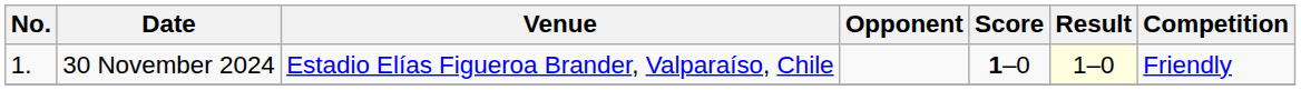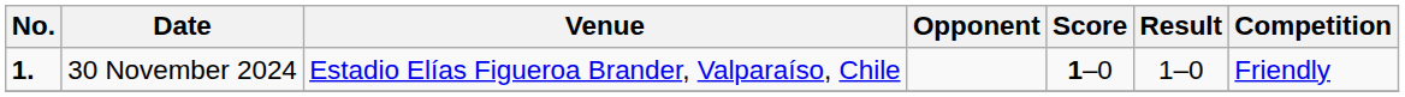 <table class="wikitable">
 <tr>
 <th>No.</th>
 <th>Date</th>
 <th>Venue</th>
 <th>Opponent</th>
 <th>Score</th>
 <th>Result</th>
 <th>Competition</th>
 </tr>
 <tr>
-<td>1.</td>
+<td><strong>1.</strong></td>
 <td>30 November 2024</td>
 <td><a href='#'>Estadio Elías Figueroa Brander</a>, <a href='#'>Valparaíso</a>, <a href='#'>Chile</a></td>
 <td></td>
 <td align=center><strong>1</strong>–0</td>
-<td align=center style="background: lightyellow;">1–0</td>
+<td align=center>1–0</td>
 <td><a href='#'>Friendly</a></td>
 </tr>
 <tr>
 </tr>
 </table>
